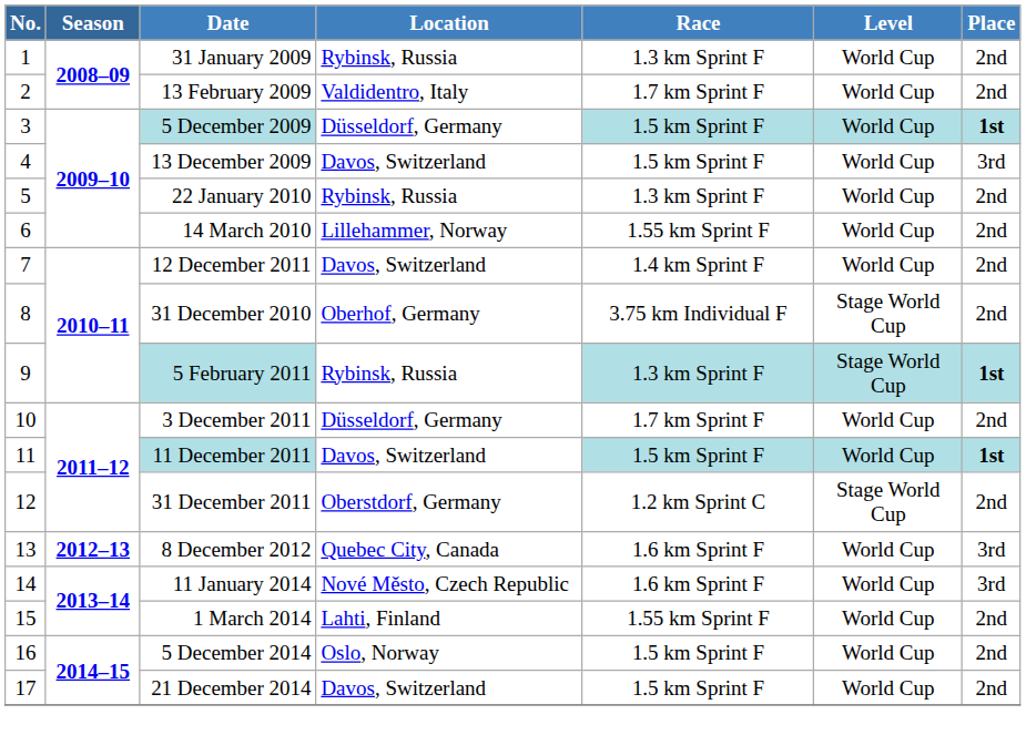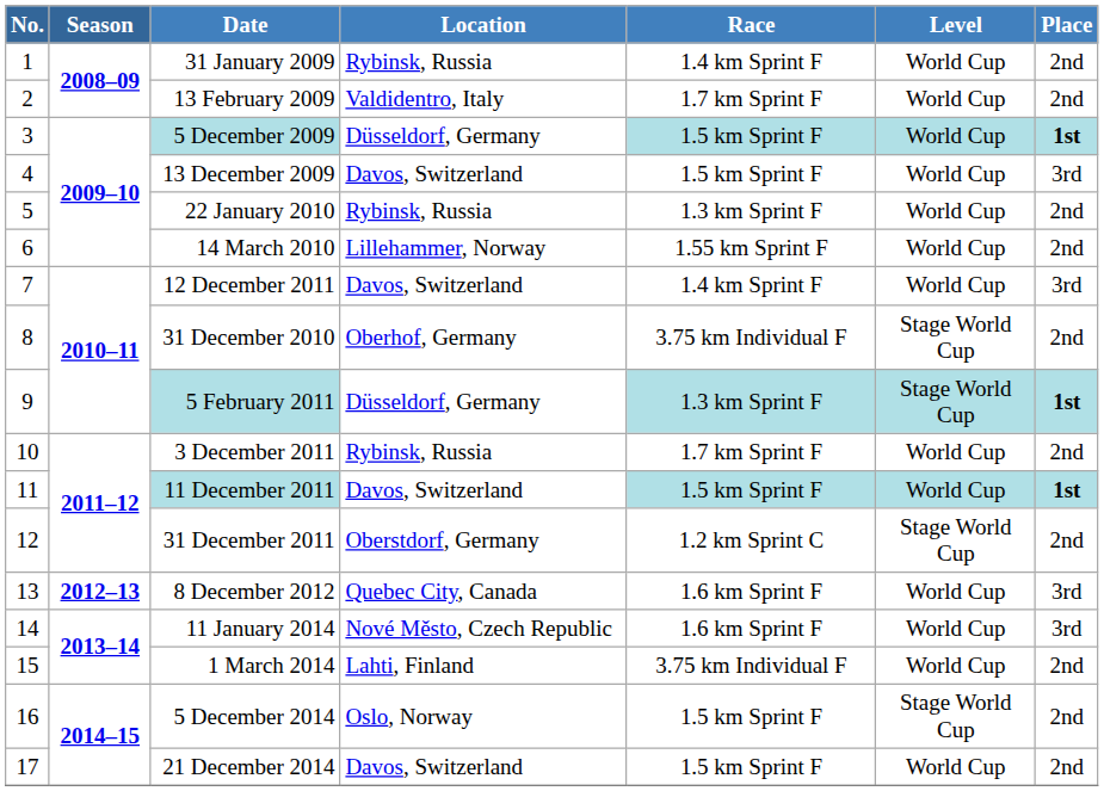 <table class="wikitable sortable" style="font-size:95%; text-align:center; border:grey solid 1px; border-collapse:collapse; background:#ffffff;">
 <tr style="background:#efefef;">
 <th style="background-color:#369; color:white;">No.</th>
 <th style="background-color:#369; color:white;">Season</th>
 <th style="background-color:#4180be; color:white; width:120px;">Date</th>
 <th style="background-color:#4180be; color:white; width:185px;">Location</th>
 <th style="background-color:#4180be; color:white; width:160px;">Race</th>
 <th style="background-color:#4180be; color:white; width:100px;">Level</th>
 <th style="background-color:#4180be; color:white;">Place</th>
 </tr>
 <tr>
 <td align=center>1</td>
 <td rowspan=2 align=center><strong> <a href='#'>2008–09</a> </strong></td>
 <td align=right>31 January 2009</td>
 <td align=left> <a href='#'>Rybinsk</a>, Russia</td>
-<td>1.3 km Sprint F</td>
+<td>1.4 km Sprint F</td>
 <td>World Cup</td>
 <td>2nd</td>
 </tr>
 <tr>
 <td align=center>2</td>
 <td align=right>13 February 2009</td>
 <td align=left> <a href='#'>Valdidentro</a>, Italy</td>
 <td>1.7 km Sprint F</td>
 <td>World Cup</td>
 <td>2nd</td>
 </tr>
 <tr>
 <td align=center>3</td>
 <td rowspan=4 align=center><strong><a href='#'>2009–10</a></strong></td>
 <td bgcolor="#BOEOE6" align=right>5 December 2009</td>
 <td align=left> <a href='#'>Düsseldorf</a>, Germany</td>
 <td bgcolor="#BOEOE6">1.5 km Sprint F</td>
 <td bgcolor="#BOEOE6">World Cup</td>
 <td bgcolor="#BOEOE6"><strong>1st</strong></td>
 </tr>
 <tr>
 <td align=center>4</td>
 <td align=right>13 December 2009</td>
 <td align=left> <a href='#'>Davos</a>, Switzerland</td>
 <td>1.5 km Sprint F</td>
 <td>World Cup</td>
 <td>3rd</td>
 </tr>
 <tr>
 <td align=center>5</td>
 <td align=right>22 January 2010</td>
 <td align=left> <a href='#'>Rybinsk</a>, Russia</td>
 <td>1.3 km Sprint F</td>
 <td>World Cup</td>
 <td>2nd</td>
 </tr>
 <tr>
 <td align=center>6</td>
 <td align=right>14 March 2010</td>
 <td align=left> <a href='#'>Lillehammer</a>, Norway</td>
 <td>1.55 km Sprint F</td>
 <td>World Cup</td>
 <td>2nd</td>
 </tr>
 <tr>
 <td align=center>7</td>
 <td rowspan=3 align=center><strong> <a href='#'>2010–11</a> </strong></td>
 <td align=right>12 December 2011</td>
 <td align=left> <a href='#'>Davos</a>, Switzerland</td>
 <td>1.4 km Sprint F</td>
 <td>World Cup</td>
-<td>2nd</td>
+<td>3rd</td>
 </tr>
 <tr>
 <td align=center>8</td>
 <td align=right>31 December 2010</td>
 <td align=left> <a href='#'>Oberhof</a>, Germany</td>
 <td>3.75 km Individual F</td>
 <td>Stage World Cup</td>
 <td>2nd</td>
 </tr>
 <tr>
 <td align=center>9</td>
 <td bgcolor="#BOEOE6" align=right>5 February 2011</td>
-<td align=left> <a href='#'>Rybinsk</a>, Russia</td>
+<td align=left> <a href='#'>Düsseldorf</a>, Germany</td>
 <td bgcolor="#BOEOE6">1.3 km Sprint F</td>
 <td bgcolor="#BOEOE6">Stage World Cup</td>
 <td bgcolor="#BOEOE6"><strong>1st</strong></td>
 </tr>
 <tr>
 <td align=center>10</td>
 <td rowspan=3 align=center><strong> <a href='#'>2011–12</a> </strong></td>
 <td align=right>3 December 2011</td>
-<td align=left> <a href='#'>Düsseldorf</a>, Germany</td>
+<td align=left> <a href='#'>Rybinsk</a>, Russia</td>
 <td>1.7 km Sprint F</td>
 <td>World Cup</td>
 <td>2nd</td>
 </tr>
 <tr>
 <td align=center>11</td>
 <td bgcolor="#BOEOE6" align=right>11 December 2011</td>
 <td align=left> <a href='#'>Davos</a>, Switzerland</td>
 <td bgcolor="#BOEOE6">1.5 km Sprint F</td>
 <td bgcolor="#BOEOE6">World Cup</td>
 <td bgcolor="#BOEOE6"><strong>1st</strong></td>
 </tr>
 <tr>
 <td align=center>12</td>
 <td align=right>31 December 2011</td>
 <td align=left> <a href='#'>Oberstdorf</a>, Germany</td>
 <td>1.2 km Sprint C</td>
 <td>Stage World Cup</td>
 <td>2nd</td>
 </tr>
 <tr>
 <td align=center>13</td>
 <td rowspan=1 align=center><strong> <a href='#'>2012–13</a> </strong></td>
 <td align=right>8 December 2012</td>
 <td align=left> <a href='#'>Quebec City</a>, Canada</td>
 <td>1.6 km Sprint F</td>
 <td>World Cup</td>
 <td>3rd</td>
 </tr>
 <tr>
 <td align=center>14</td>
 <td rowspan=2 align=center><strong> <a href='#'>2013–14</a> </strong></td>
 <td align=right>11 January 2014</td>
 <td align=left> <a href='#'>Nové Město</a>, Czech Republic</td>
 <td>1.6 km Sprint F</td>
 <td>World Cup</td>
 <td>3rd</td>
 </tr>
 <tr>
 <td align=center>15</td>
 <td align=right>1 March 2014</td>
 <td align=left> <a href='#'>Lahti</a>, Finland</td>
-<td>1.55 km Sprint F</td>
+<td>3.75 km Individual F</td>
 <td>World Cup</td>
 <td>2nd</td>
 </tr>
 <tr>
 <td align=center>16</td>
 <td rowspan=2 align=center><strong> <a href='#'>2014–15</a> </strong></td>
 <td align=right>5 December 2014</td>
 <td align=left> <a href='#'>Oslo</a>, Norway</td>
 <td>1.5 km Sprint F</td>
-<td>World Cup</td>
+<td>Stage World Cup</td>
 <td>2nd</td>
 </tr>
 <tr>
 <td align=center>17</td>
 <td align=right>21 December 2014</td>
 <td align=left> <a href='#'>Davos</a>, Switzerland</td>
 <td>1.5 km Sprint F</td>
 <td>World Cup</td>
 <td>2nd</td>
 </tr>
 <tr>
 </tr>
 </table>
